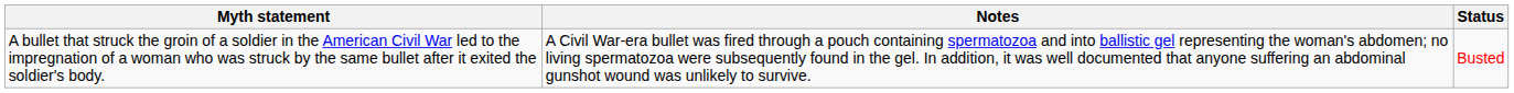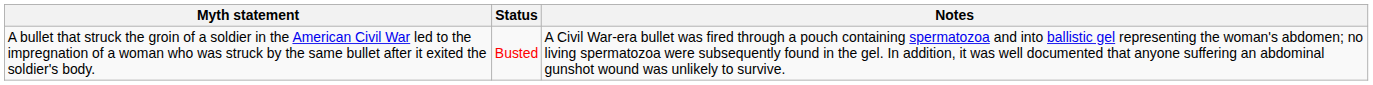 <table class="wikitable plainrowheaders">
 <tr>
 <th>Myth statement</th>
+<th>Status</th>
 <th>Notes</th>
-<th>Status</th>
 </tr>
 <tr>
 <td>A bullet that struck the groin of a soldier in the <a href='#'>American Civil War</a> led to the impregnation of a woman who was struck by the same bullet after it exited the soldier's body.</td>
+<td style="color:red">Busted</td>
 <td>A Civil War-era bullet was fired through a pouch containing <a href='#'>spermatozoa</a> and into <a href='#'>ballistic gel</a> representing the woman's abdomen; no living spermatozoa were subsequently found in the gel. In addition, it was well documented that anyone suffering an abdominal gunshot wound was unlikely to survive.</td>
-<td style="color:red">Busted</td>
 </tr>
 </table>
